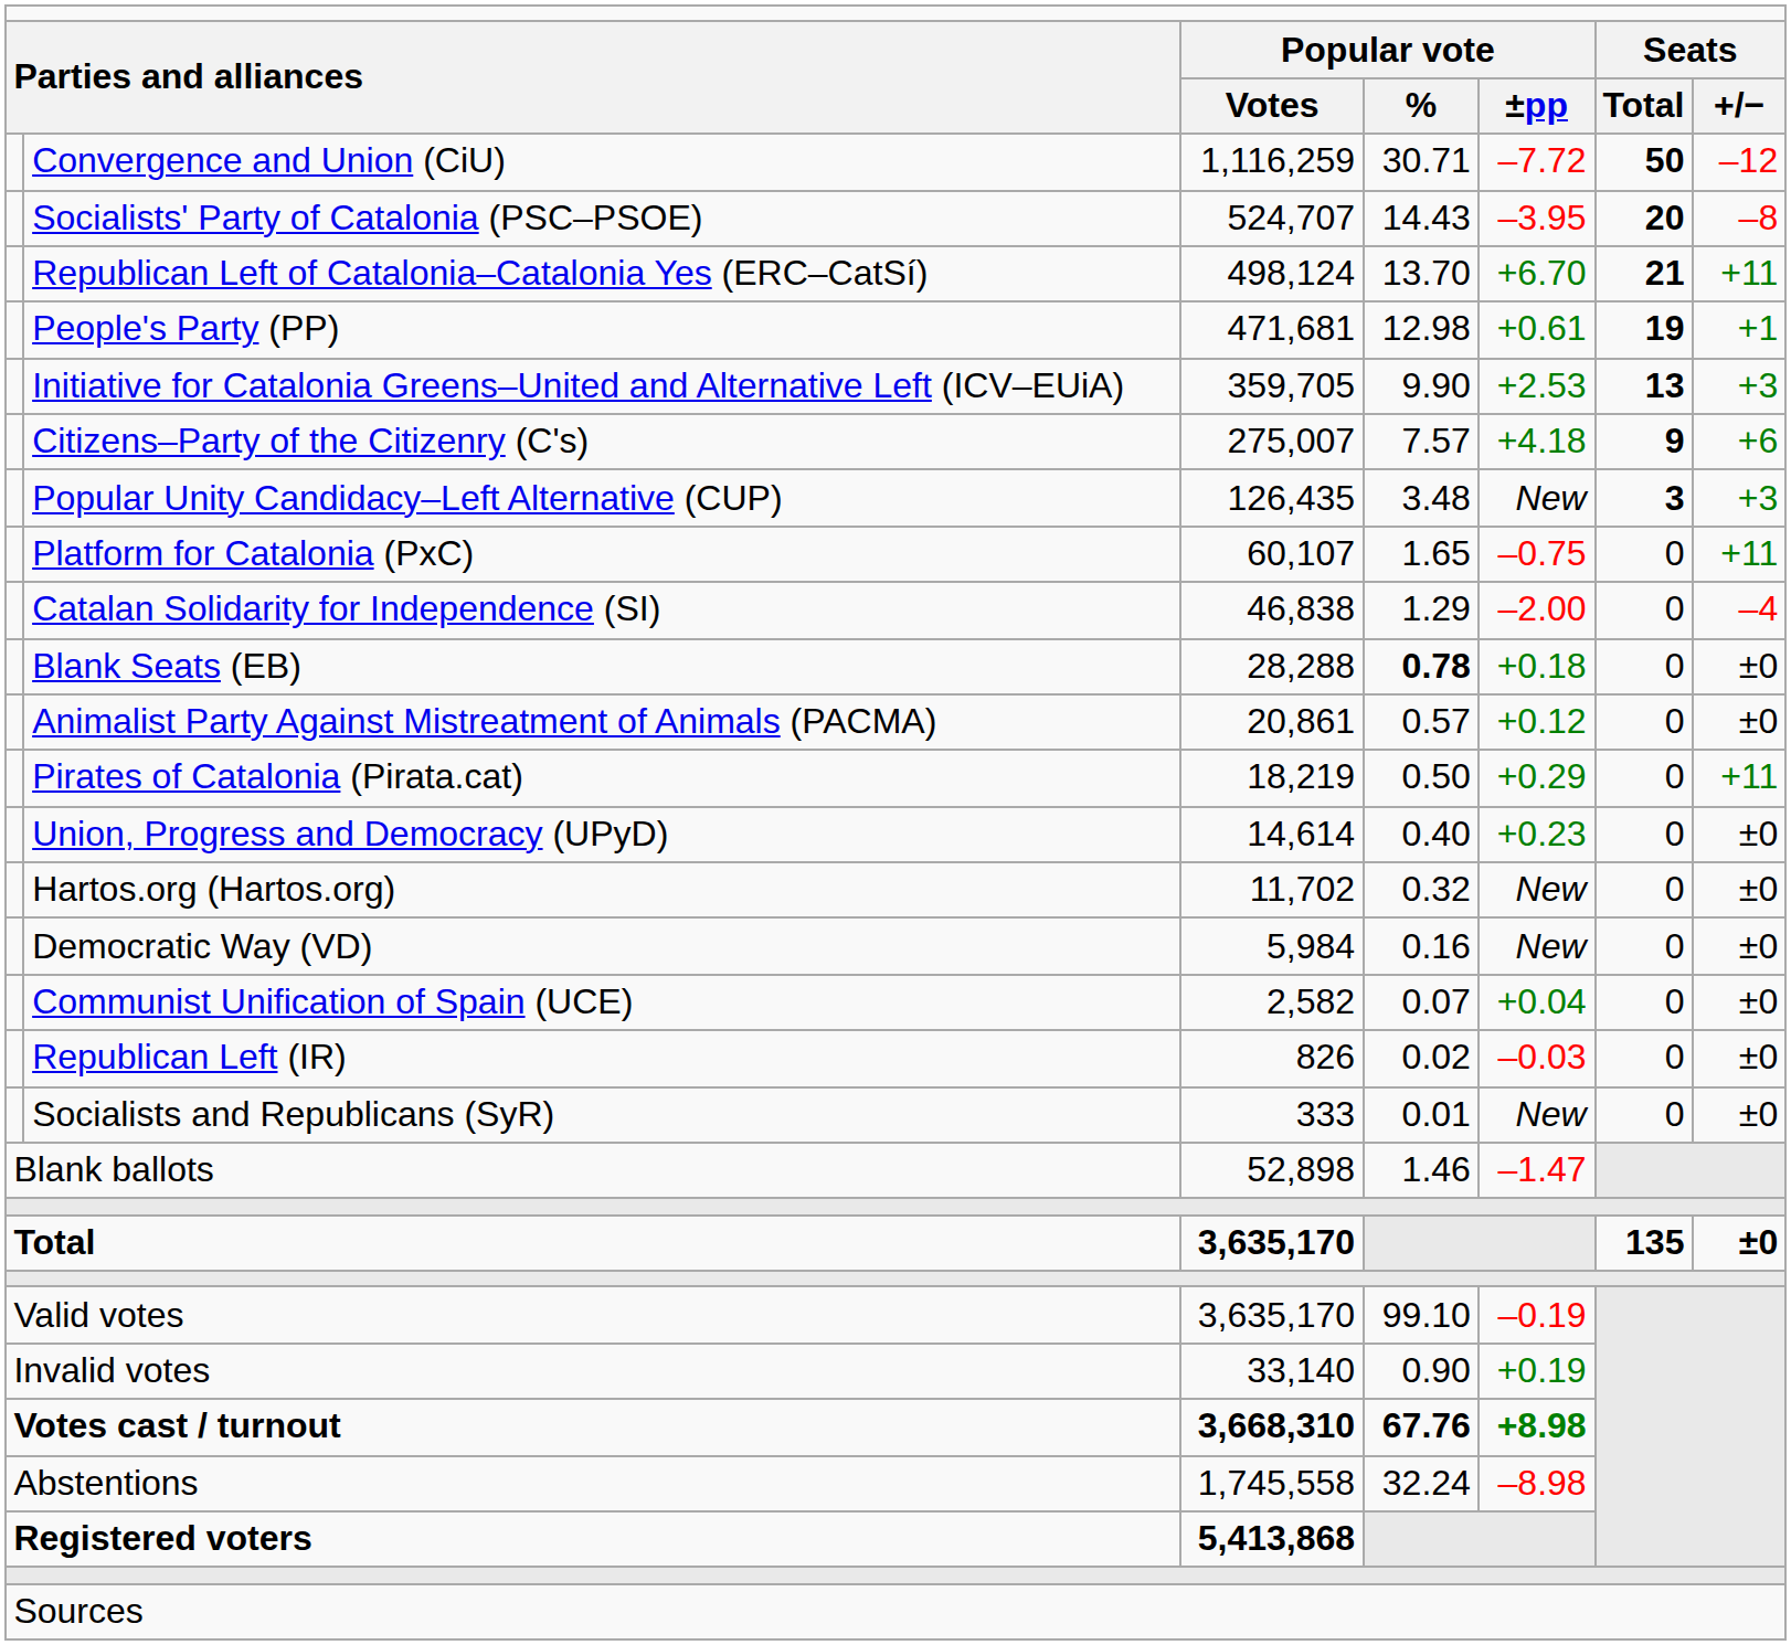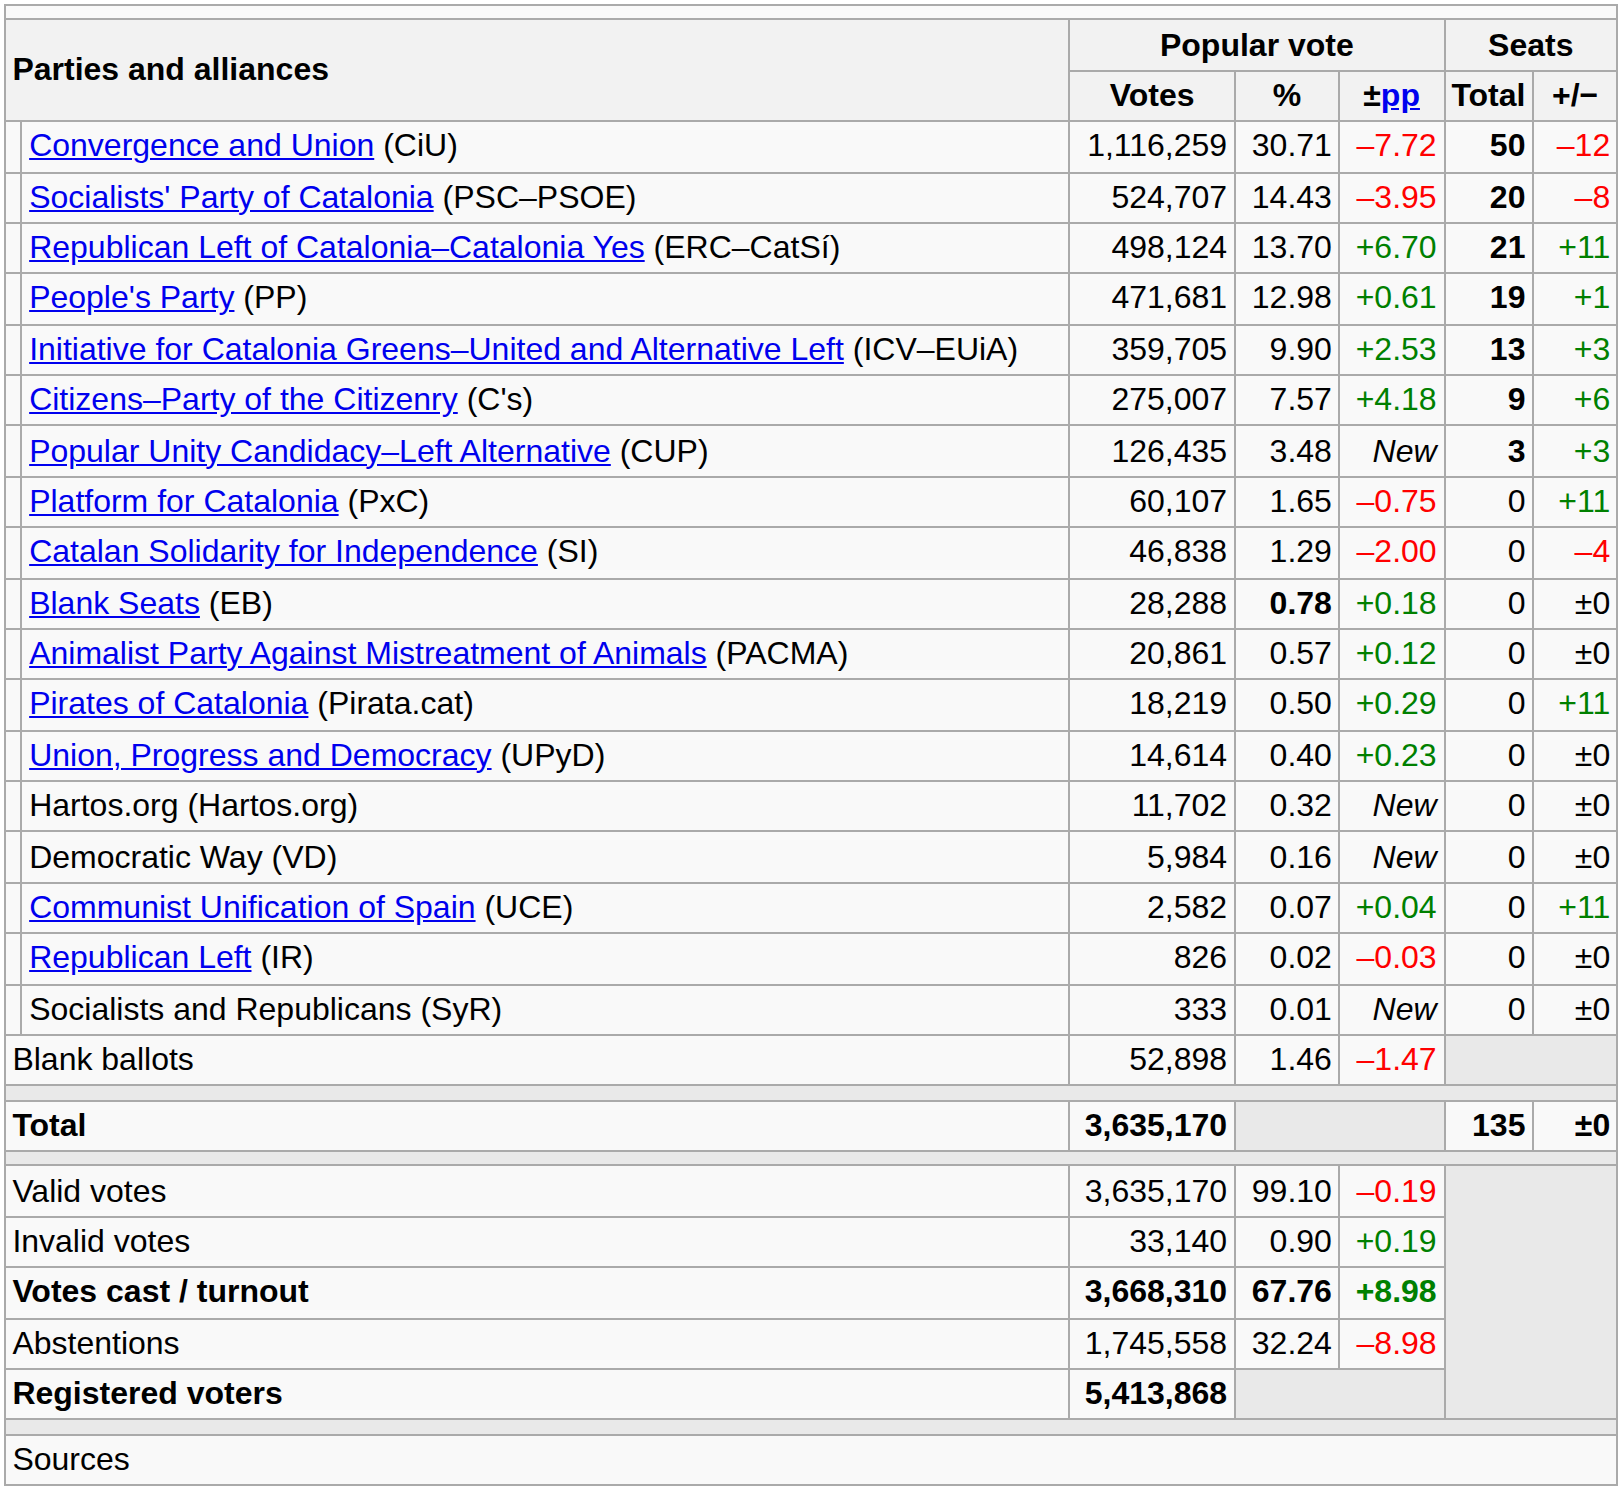 <table class="wikitable" style="text-align:right;">
 <tr>
 <td colspan="7"></td>
 </tr>
 <tr>
 <th style="text-align:left;" rowspan="2" colspan="2" width="525">Parties and alliances</th>
 <th colspan="3">Popular vote</th>
 <th colspan="2">Seats</th>
 </tr>
 <tr>
 <th width="75">Votes</th>
 <th width="45">%</th>
 <th width="45">±<a href='#'>pp</a></th>
 <th width="35">Total</th>
 <th width="35">+/−</th>
 </tr>
 <tr>
 <td width="1" style="color:inherit;background:"></td>
 <td align="left"><a href='#'>Convergence and Union</a> (CiU)</td>
 <td>1,116,259</td>
 <td>30.71</td>
 <td style="color:red;">–7.72</td>
 <td><strong>50</strong></td>
 <td style="color:red;">–12</td>
 </tr>
 <tr>
 <td style="color:inherit;background:"></td>
 <td align="left"><a href='#'>Socialists' Party of Catalonia</a> (PSC–PSOE)</td>
 <td>524,707</td>
 <td>14.43</td>
 <td style="color:red;">–3.95</td>
 <td><strong>20</strong></td>
 <td style="color:red;">–8</td>
 </tr>
 <tr>
 <td style="color:inherit;background:"></td>
 <td align="left"><a href='#'>Republican Left of Catalonia–Catalonia Yes</a> (ERC–CatSí)</td>
 <td>498,124</td>
 <td>13.70</td>
 <td style="color:green;">+6.70</td>
 <td><strong>21</strong></td>
 <td style="color:green;">+11</td>
 </tr>
 <tr>
 <td style="color:inherit;background:"></td>
 <td align="left"><a href='#'>People's Party</a> (PP)</td>
 <td>471,681</td>
 <td>12.98</td>
 <td style="color:green;">+0.61</td>
 <td><strong>19</strong></td>
 <td style="color:green;">+1</td>
 </tr>
 <tr>
 <td style="color:inherit;background:"></td>
 <td align="left"><a href='#'>Initiative for Catalonia Greens–United and Alternative Left</a> (ICV–EUiA)</td>
 <td>359,705</td>
 <td>9.90</td>
 <td style="color:green;">+2.53</td>
 <td><strong>13</strong></td>
 <td style="color:green;">+3</td>
 </tr>
 <tr>
 <td style="color:inherit;background:"></td>
 <td align="left"><a href='#'>Citizens–Party of the Citizenry</a> (C's)</td>
 <td>275,007</td>
 <td>7.57</td>
 <td style="color:green;">+4.18</td>
 <td><strong>9</strong></td>
 <td style="color:green;">+6</td>
 </tr>
 <tr>
 <td style="color:inherit;background:"></td>
 <td align="left"><a href='#'>Popular Unity Candidacy–Left Alternative</a> (CUP)</td>
 <td>126,435</td>
 <td>3.48</td>
 <td><em>New</em></td>
 <td><strong>3</strong></td>
 <td style="color:green;">+3</td>
 </tr>
 <tr>
 <td style="color:inherit;background:"></td>
 <td align="left"><a href='#'>Platform for Catalonia</a> (PxC)</td>
 <td>60,107</td>
 <td>1.65</td>
 <td style="color:red;">–0.75</td>
 <td>0</td>
 <td style="color:green;">+11</td>
 </tr>
 <tr>
 <td style="color:inherit;background:"></td>
 <td align="left"><a href='#'>Catalan Solidarity for Independence</a> (SI)</td>
 <td>46,838</td>
 <td>1.29</td>
 <td style="color:red;">–2.00</td>
 <td>0</td>
 <td style="color:red;">–4</td>
 </tr>
 <tr>
 <td style="color:inherit;background:"></td>
 <td align="left"><a href='#'>Blank Seats</a> (EB)</td>
 <td>28,288</td>
 <td><strong>0.78</strong></td>
 <td style="color:green;">+0.18</td>
 <td>0</td>
 <td>±0</td>
 </tr>
 <tr>
 <td style="color:inherit;background:"></td>
 <td align="left"><a href='#'>Animalist Party Against Mistreatment of Animals</a> (PACMA)</td>
 <td>20,861</td>
 <td>0.57</td>
 <td style="color:green;">+0.12</td>
 <td>0</td>
 <td>±0</td>
 </tr>
 <tr>
 <td style="color:inherit;background:"></td>
 <td align="left"><a href='#'>Pirates of Catalonia</a> (Pirata.cat)</td>
 <td>18,219</td>
 <td>0.50</td>
 <td style="color:green;">+0.29</td>
 <td>0</td>
 <td style="color:green;">+11</td>
 </tr>
 <tr>
 <td style="color:inherit;background:"></td>
 <td align="left"><a href='#'>Union, Progress and Democracy</a> (UPyD)</td>
 <td>14,614</td>
 <td>0.40</td>
 <td style="color:green;">+0.23</td>
 <td>0</td>
 <td>±0</td>
 </tr>
 <tr>
 <td style="color:inherit;background:"></td>
 <td align="left">Hartos.org (Hartos.org)</td>
 <td>11,702</td>
 <td>0.32</td>
 <td><em>New</em></td>
 <td>0</td>
 <td>±0</td>
 </tr>
 <tr>
 <td style="color:inherit;background:"></td>
 <td align="left">Democratic Way (VD)</td>
 <td>5,984</td>
 <td>0.16</td>
 <td><em>New</em></td>
 <td>0</td>
 <td>±0</td>
 </tr>
 <tr>
 <td style="color:inherit;background:"></td>
 <td align="left"><a href='#'>Communist Unification of Spain</a> (UCE)</td>
 <td>2,582</td>
 <td>0.07</td>
 <td style="color:green;">+0.04</td>
 <td>0</td>
-<td>±0</td>
+<td style="color:green;">+11</td>
 </tr>
 <tr>
 <td style="color:inherit;background:"></td>
 <td align="left"><a href='#'>Republican Left</a> (IR)</td>
 <td>826</td>
 <td>0.02</td>
 <td style="color:red;">–0.03</td>
 <td>0</td>
 <td>±0</td>
 </tr>
 <tr>
 <td style="color:inherit;background:"></td>
 <td align="left">Socialists and Republicans (SyR)</td>
 <td>333</td>
 <td>0.01</td>
 <td><em>New</em></td>
 <td>0</td>
 <td>±0</td>
 </tr>
 <tr>
 <td align="left" colspan="2">Blank ballots</td>
 <td>52,898</td>
 <td>1.46</td>
 <td style="color:red;">–1.47</td>
 <td bgcolor="#E9E9E9" colspan="2"></td>
 </tr>
 <tr>
 <td colspan="7" bgcolor="#E9E9E9"></td>
 </tr>
 <tr style="font-weight:bold;">
 <td align="left" colspan="2">Total</td>
 <td>3,635,170</td>
 <td bgcolor="#E9E9E9" colspan="2"></td>
 <td>135</td>
 <td>±0</td>
 </tr>
 <tr>
 <td colspan="7" bgcolor="#E9E9E9"></td>
 </tr>
 <tr>
 <td align="left" colspan="2">Valid votes</td>
 <td>3,635,170</td>
 <td>99.10</td>
 <td style="color:red;">–0.19</td>
 <td bgcolor="#E9E9E9" colspan="2" rowspan="5"></td>
 </tr>
 <tr>
 <td align="left" colspan="2">Invalid votes</td>
 <td>33,140</td>
 <td>0.90</td>
 <td style="color:green;">+0.19</td>
 </tr>
 <tr style="font-weight:bold;">
 <td align="left" colspan="2">Votes cast / turnout</td>
 <td>3,668,310</td>
 <td>67.76</td>
 <td style="color:green;">+8.98</td>
 </tr>
 <tr>
 <td align="left" colspan="2">Abstentions</td>
 <td>1,745,558</td>
 <td>32.24</td>
 <td style="color:red;">–8.98</td>
 </tr>
 <tr style="font-weight:bold;">
 <td align="left" colspan="2">Registered voters</td>
 <td>5,413,868</td>
 <td bgcolor="#E9E9E9" colspan="2"></td>
 </tr>
 <tr>
 <td colspan="7" bgcolor="#E9E9E9"></td>
 </tr>
 <tr>
 <td align="left" colspan="7">Sources</td>
 </tr>
 </table>
